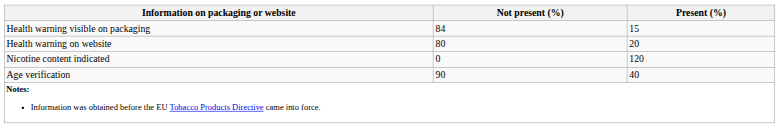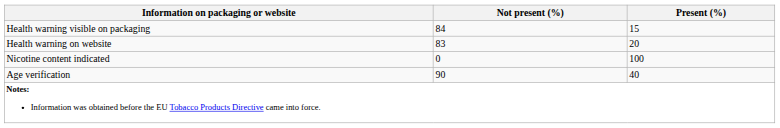 <table class="wikitable" style="display: inline-table; width:100%;">
 <tr>
 <th>Information on packaging or website</th>
 <th>Not present (%)</th>
 <th>Present (%)</th>
 </tr>
 <tr>
 <td>Health warning visible on packaging</td>
 <td>84</td>
 <td>15</td>
 </tr>
 <tr>
 <td>Health warning on website</td>
-<td>80</td>
+<td>83</td>
 <td>20</td>
 </tr>
 <tr>
 <td>Nicotine content indicated</td>
 <td>0</td>
-<td>120</td>
+<td>100</td>
 </tr>
 <tr>
 <td>Age verification</td>
 <td>90</td>
 <td>40</td>
 </tr>
 <tr>
 <td colspan="3" rowspan="1" style="background-color:white; font-size:87%"><strong>Notes:</strong><br><ul><li>Information was obtained before the EU <a href='#'>Tobacco Products Directive</a> came into force.</li></ul></td>
 </tr>
 </table>
